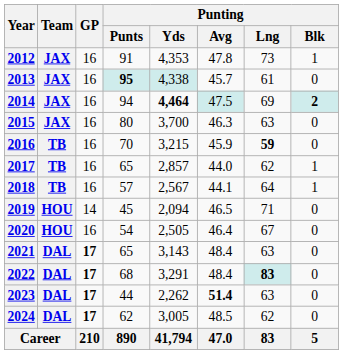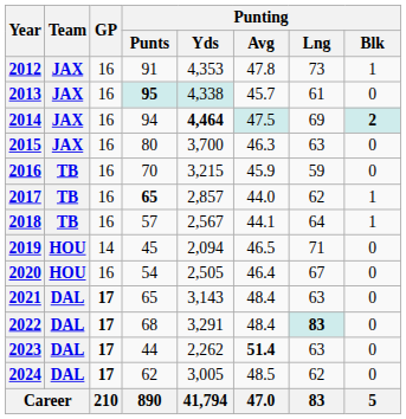 <table class="wikitable" style="text-align:center;">
 <tr>
 <th rowspan="2">Year</th>
 <th rowspan="2">Team</th>
 <th rowspan="2">GP</th>
 <th colspan="5">Punting</th>
 </tr>
 <tr>
 <th>Punts</th>
 <th>Yds</th>
 <th>Avg</th>
 <th>Lng</th>
 <th>Blk</th>
 </tr>
 <tr>
 <th><a href='#'>2012</a></th>
 <th><a href='#'>JAX</a></th>
 <td>16</td>
 <td>91</td>
 <td>4,353</td>
 <td>47.8</td>
 <td>73</td>
 <td>1</td>
 </tr>
 <tr>
 <th><a href='#'>2013</a></th>
 <th><a href='#'>JAX</a></th>
 <td>16</td>
 <td style="background:#cfecec; width:3em;"><strong>95</strong></td>
 <td style="background:#cfecec; width:3em;">4,338</td>
 <td>45.7</td>
 <td>61</td>
 <td>0</td>
 </tr>
 <tr>
 <th><a href='#'>2014</a></th>
 <th><a href='#'>JAX</a></th>
 <td>16</td>
 <td>94</td>
 <td><strong>4,464</strong></td>
 <td style="background:#cfecec; width:3em;">47.5</td>
 <td>69</td>
 <td style="background:#cfecec; width:3em;"><strong>2</strong></td>
 </tr>
 <tr>
 <th><a href='#'>2015</a></th>
 <th><a href='#'>JAX</a></th>
 <td>16</td>
 <td>80</td>
 <td>3,700</td>
 <td>46.3</td>
 <td>63</td>
 <td>0</td>
 </tr>
 <tr>
 <th><a href='#'>2016</a></th>
 <th><a href='#'>TB</a></th>
 <td>16</td>
 <td>70</td>
 <td>3,215</td>
 <td>45.9</td>
-<td><strong>59</strong></td>
+<td>59</td>
 <td>0</td>
 </tr>
 <tr>
 <th><a href='#'>2017</a></th>
 <th><a href='#'>TB</a></th>
 <td>16</td>
-<td>65</td>
+<td><strong>65</strong></td>
 <td>2,857</td>
 <td>44.0</td>
 <td>62</td>
 <td>1</td>
 </tr>
 <tr>
 <th><a href='#'>2018</a></th>
 <th><a href='#'>TB</a></th>
 <td>16</td>
 <td>57</td>
 <td>2,567</td>
 <td>44.1</td>
 <td>64</td>
 <td>1</td>
 </tr>
 <tr>
 <th><a href='#'>2019</a></th>
 <th><a href='#'>HOU</a></th>
 <td>14</td>
 <td>45</td>
 <td>2,094</td>
 <td>46.5</td>
 <td>71</td>
 <td>0</td>
 </tr>
 <tr>
 <th><a href='#'>2020</a></th>
 <th><a href='#'>HOU</a></th>
 <td>16</td>
 <td>54</td>
 <td>2,505</td>
 <td>46.4</td>
 <td>67</td>
 <td>0</td>
 </tr>
 <tr>
 <th><a href='#'>2021</a></th>
 <th><a href='#'>DAL</a></th>
 <td><strong>17</strong></td>
 <td>65</td>
 <td>3,143</td>
 <td>48.4</td>
 <td>63</td>
 <td>0</td>
 </tr>
 <tr>
 <th><a href='#'>2022</a></th>
 <th><a href='#'>DAL</a></th>
 <td><strong>17</strong></td>
 <td>68</td>
 <td>3,291</td>
 <td>48.4</td>
 <td style="background:#cfecec; width:3em;"><strong>83</strong></td>
 <td>0</td>
 </tr>
 <tr>
 <th><a href='#'>2023</a></th>
 <th><a href='#'>DAL</a></th>
 <td><strong>17</strong></td>
 <td>44</td>
 <td>2,262</td>
 <td><strong>51.4</strong></td>
 <td>63</td>
 <td>0</td>
 </tr>
 <tr>
 <th><a href='#'>2024</a></th>
 <th><a href='#'>DAL</a></th>
 <td><strong>17</strong></td>
 <td>62</td>
 <td>3,005</td>
 <td>48.5</td>
 <td>62</td>
 <td>0</td>
 </tr>
 <tr>
 <th colspan="2">Career</th>
 <th>210</th>
 <th>890</th>
 <th>41,794</th>
 <th>47.0</th>
 <th>83</th>
 <th>5</th>
 </tr>
 </table>
